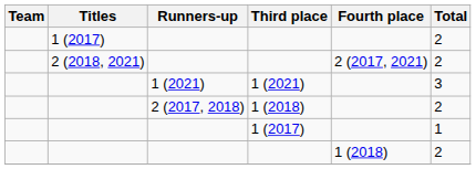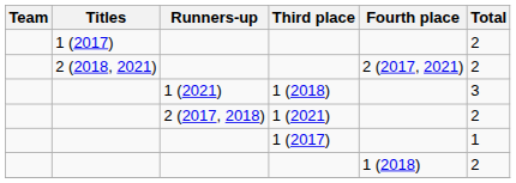 <table class="wikitable sortable">
 <tr>
 <th>Team</th>
 <th>Titles</th>
 <th>Runners-up</th>
 <th>Third place</th>
 <th>Fourth place</th>
 <th>Total</th>
 </tr>
 <tr>
 <td></td>
 <td>1 (<a href='#'>2017</a>)</td>
 <td></td>
 <td></td>
 <td></td>
 <td>2</td>
 </tr>
 <tr>
 <td></td>
 <td>2 (<a href='#'>2018</a>, <a href='#'>2021</a>)</td>
 <td></td>
 <td></td>
 <td>2 (<a href='#'>2017</a>, <a href='#'>2021</a>)</td>
 <td>2</td>
 </tr>
 <tr>
 <td></td>
 <td></td>
 <td>1 (<a href='#'>2021</a>)</td>
-<td>1 (<a href='#'>2021</a>)</td>
+<td>1 (<a href='#'>2018</a>)</td>
 <td></td>
 <td>3</td>
 </tr>
 <tr>
 <td></td>
 <td></td>
 <td>2 (<a href='#'>2017</a>, <a href='#'>2018</a>)</td>
-<td>1 (<a href='#'>2018</a>)</td>
+<td>1 (<a href='#'>2021</a>)</td>
 <td></td>
 <td>2</td>
 </tr>
 <tr>
 <td></td>
 <td></td>
 <td></td>
 <td>1 (<a href='#'>2017</a>)</td>
 <td></td>
 <td>1</td>
 </tr>
 <tr>
 <td></td>
 <td></td>
 <td></td>
 <td></td>
 <td>1 (<a href='#'>2018</a>)</td>
 <td>2</td>
 </tr>
 <tr>
 </tr>
 </table>
